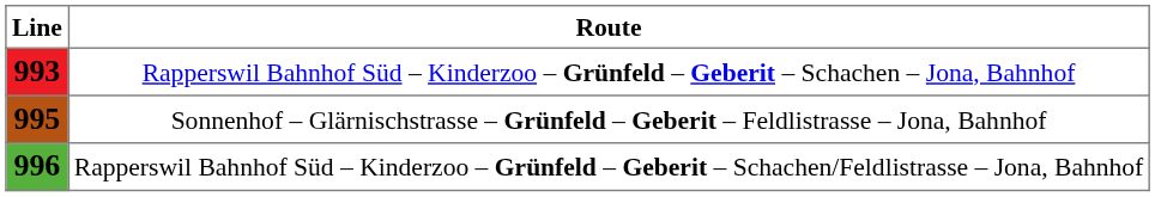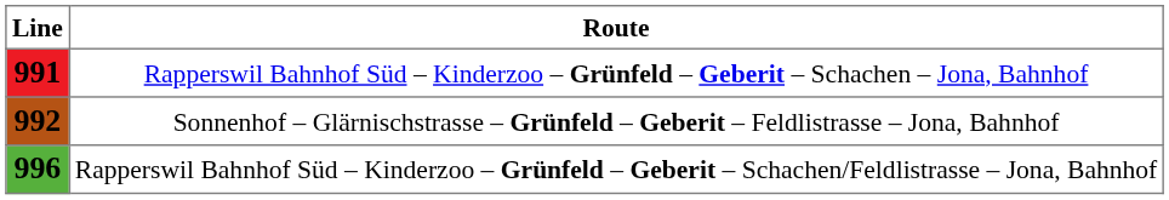 <table border="1" cellspacing="0" cellpadding="3" style="border-collapse:collapse; font-size:95%; margin-left:10px; margin-bottom:5px;">
 <tr>
 <th>Line</th>
 <th>Route</th>
 </tr>
 <tr align=center>
-<td bgcolor=#ed1b24><span><big><strong>993</strong></big></span></td>
+<td bgcolor=#ed1b24><span><big><strong>991</strong></big></span></td>
 <td><a href='#'>Rapperswil Bahnhof Süd</a> – <a href='#'>Kinderzoo</a> – <strong>Grünfeld</strong> – <strong><a href='#'>Geberit</a></strong> – Schachen – <a href='#'>Jona, Bahnhof</a></td>
 </tr>
 <tr align=center>
-<td bgcolor=#b55314><span><big><strong>995</strong></big></span></td>
+<td bgcolor=#b55314><span><big><strong>992</strong></big></span></td>
 <td>Sonnenhof – Glärnischstrasse – <strong>Grünfeld</strong> – <strong>Geberit</strong> – Feldlistrasse – Jona, Bahnhof</td>
 </tr>
 <tr align=center>
 <td bgcolor=#56b03c><span><big><strong>996</strong></big></span></td>
 <td>Rapperswil Bahnhof Süd – Kinderzoo – <strong>Grünfeld</strong> – <strong>Geberit</strong> – Schachen/Feldlistrasse – Jona, Bahnhof</td>
 </tr>
 </table>
